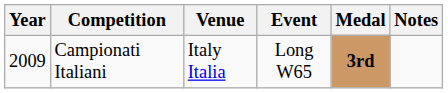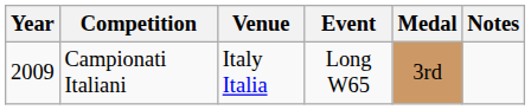 <table class="wikitable" width=55% style="font-size:90%; text-align:center;">
 <tr>
 <th>Year</th>
 <th>Competition</th>
 <th>Venue</th>
 <th>Event</th>
 <th>Medal</th>
 <th>Notes</th>
 </tr>
 <tr>
 <td align=center rowspan=2>2009</td>
 <td rowspan=2 align=left>Campionati Italiani</td>
 <td rowspan=2 align=left>Italy <a href='#'>Italia</a></td>
 <td>Long W65</td>
-<td bgcolor=cc9966><strong>3rd</strong></td>
+<td bgcolor=cc9966>3rd</td>
 </tr>
 </table>
